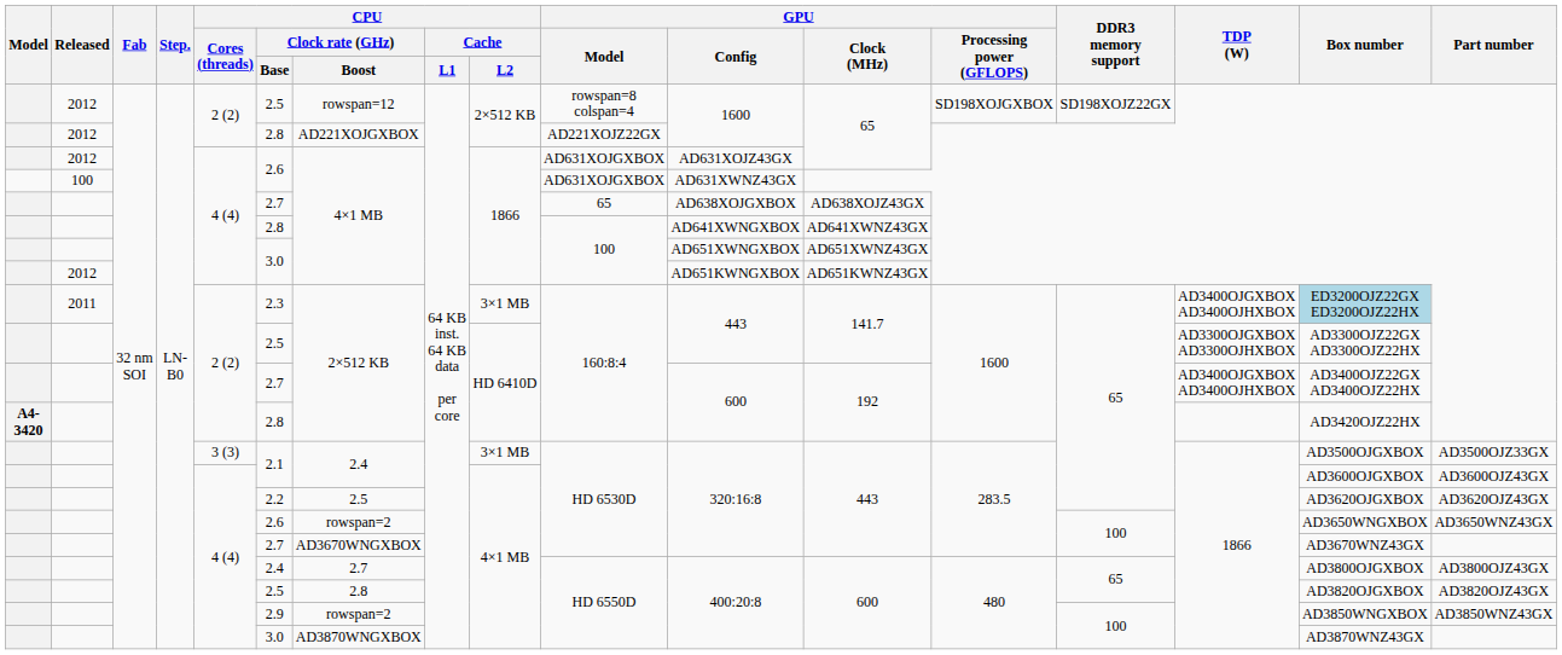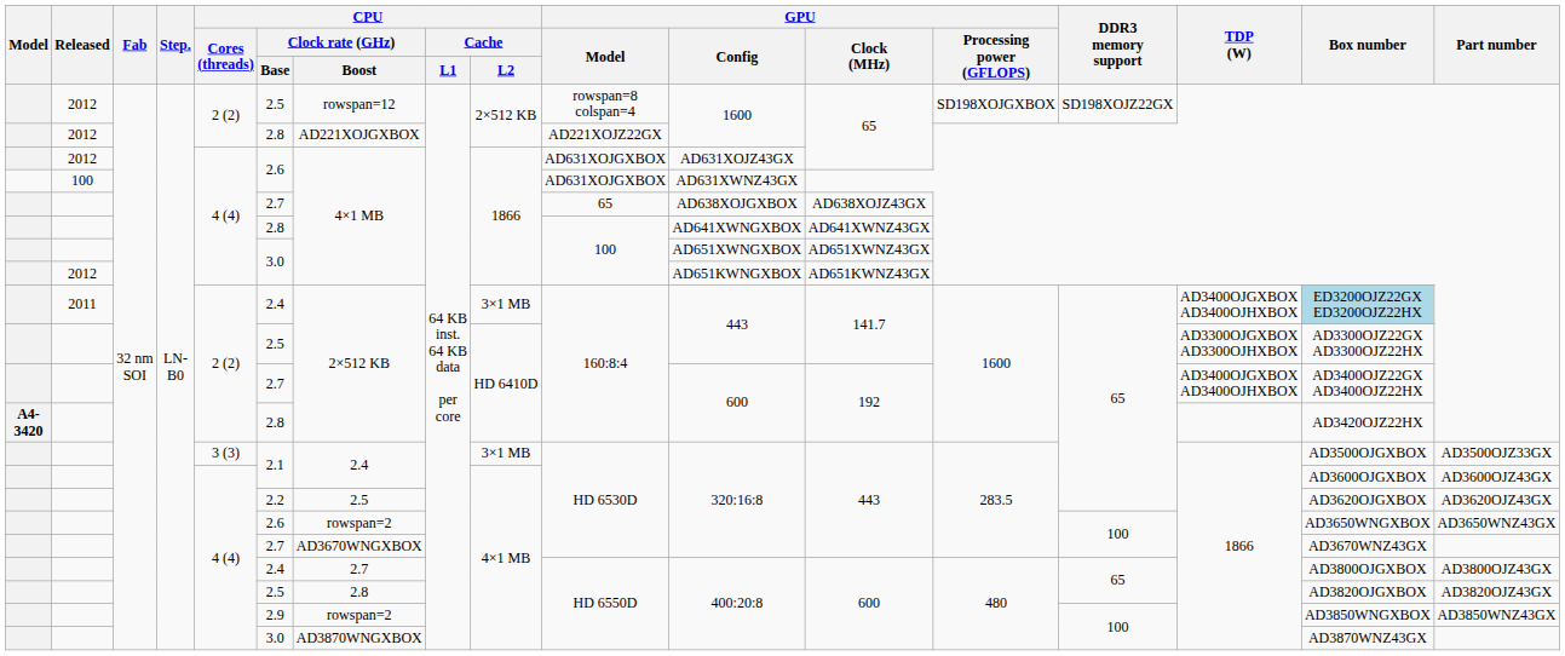 <table class="wikitable" style="text-align:center;">
 <tr>
 <th rowspan="3">Model</th>
 <th rowspan="3">Released</th>
 <th rowspan="3"><a href='#'>Fab</a></th>
 <th rowspan="3"><a href='#'>Step.</a></th>
 <th colspan="5"><a href='#'>CPU</a></th>
 <th colspan="4"><a href='#'>GPU</a></th>
 <th rowspan="3">DDR3<br>memory<br>support</th>
 <th rowspan="3"><a href='#'>TDP</a><br>(W)</th>
 <th rowspan="3">Box number</th>
 <th rowspan="3">Part number</th>
 </tr>
 <tr>
 <th rowspan="2"><a href='#'>Cores</a><br><a href='#'>(threads)</a></th>
 <th colspan="2"><a href='#'>Clock rate</a> (<a href='#'>GHz</a>)</th>
 <th colspan="2"><a href='#'>Cache</a></th>
 <th rowspan="2">Model</th>
 <th rowspan="2">Config</th>
 <th rowspan="2">Clock<br>(MHz)</th>
 <th rowspan="2">Processing<br>power<br>(<a href='#'>GFLOPS</a>)</th>
 </tr>
 <tr>
 <th>Base</th>
 <th>Boost</th>
 <th><a href='#'>L1</a></th>
 <th><a href='#'>L2</a></th>
 </tr>
 <tr>
 <th></th>
 <td>2012</td>
 <td rowspan=21>32 nm SOI</td>
 <td rowspan=21>LN-B0</td>
 <td rowspan=2>2 (2)</td>
 <td>2.5</td>
 <td>rowspan=12 </td>
 <td rowspan=21>64 KB inst.<br>64 KB data<br><br>per core</td>
 <td rowspan=2>2×512 KB</td>
 <td>rowspan=8 colspan=4 </td>
 <td rowspan=2>1600</td>
 <td rowspan=3>65</td>
 <td>SD198XOJGXBOX</td>
 <td>SD198XOJZ22GX</td>
 </tr>
 <tr>
 <th></th>
 <td>2012</td>
 <td>2.8</td>
 <td>AD221XOJGXBOX</td>
 <td>AD221XOJZ22GX</td>
 </tr>
 <tr>
 <th></th>
 <td>2012</td>
 <td rowspan=6>4 (4)</td>
 <td rowspan=2>2.6</td>
 <td rowspan=6>4×1 MB</td>
 <td rowspan=6>1866</td>
 <td>AD631XOJGXBOX</td>
 <td>AD631XOJZ43GX</td>
 </tr>
 <tr>
 <td></td>
 <td>100</td>
 <td>AD631XOJGXBOX</td>
 <td>AD631XWNZ43GX</td>
 </tr>
 <tr>
 <th></th>
 <td></td>
 <td>2.7</td>
 <td>65</td>
 <td>AD638XOJGXBOX</td>
 <td>AD638XOJZ43GX</td>
 </tr>
 <tr>
 <th></th>
 <td></td>
 <td>2.8</td>
 <td rowspan=3>100</td>
 <td>AD641XWNGXBOX</td>
 <td>AD641XWNZ43GX</td>
 </tr>
 <tr>
 <th></th>
 <td></td>
 <td rowspan=2>3.0</td>
 <td>AD651XWNGXBOX</td>
 <td>AD651XWNZ43GX</td>
 </tr>
 <tr>
 <th></th>
 <td>2012</td>
 <td>AD651KWNGXBOX</td>
 <td>AD651KWNZ43GX</td>
 </tr>
 <tr>
 <th></th>
 <td>2011</td>
 <td rowspan=4>2 (2)</td>
-<td>2.3</td>
+<td>2.4</td>
 <td rowspan=4>2×512 KB</td>
 <td>3×1 MB</td>
 <td rowspan=4>160:8:4</td>
 <td rowspan=2>443</td>
 <td rowspan=2>141.7</td>
 <td rowspan=4>1600</td>
 <td rowspan=7>65</td>
 <td>AD3400OJGXBOX<br>AD3400OJHXBOX</td>
 <td style="background: lightblue;">ED3200OJZ22GX<br>ED3200OJZ22HX</td>
 </tr>
 <tr>
 <th></th>
 <td></td>
 <td>2.5</td>
 <td rowspan=3>HD 6410D</td>
 <td>AD3300OJGXBOX<br>AD3300OJHXBOX</td>
 <td>AD3300OJZ22GX<br>AD3300OJZ22HX</td>
 </tr>
 <tr>
 <th></th>
 <td></td>
 <td>2.7</td>
 <td rowspan=2>600</td>
 <td rowspan=2>192</td>
 <td>AD3400OJGXBOX<br>AD3400OJHXBOX</td>
 <td>AD3400OJZ22GX<br>AD3400OJZ22HX</td>
 </tr>
 <tr>
 <th>A4-3420</th>
 <td></td>
 <td>2.8</td>
 <td></td>
 <td>AD3420OJZ22HX</td>
 </tr>
 <tr>
 <th></th>
 <td></td>
 <td>3 (3)</td>
 <td rowspan=2>2.1</td>
 <td rowspan=2>2.4</td>
 <td>3×1 MB</td>
 <td rowspan=5>HD 6530D</td>
 <td rowspan=5>320:16:8</td>
 <td rowspan=5>443</td>
 <td rowspan=5>283.5</td>
 <td rowspan=9>1866</td>
 <td>AD3500OJGXBOX</td>
 <td>AD3500OJZ33GX</td>
 </tr>
 <tr>
 <th></th>
 <td></td>
 <td rowspan=8>4 (4)</td>
 <td rowspan=8>4×1 MB</td>
 <td>AD3600OJGXBOX</td>
 <td>AD3600OJZ43GX</td>
 </tr>
 <tr>
 <th></th>
 <td></td>
 <td>2.2</td>
 <td>2.5</td>
 <td>AD3620OJGXBOX</td>
 <td>AD3620OJZ43GX</td>
 </tr>
 <tr>
 <th></th>
 <td></td>
 <td>2.6</td>
 <td>rowspan=2 </td>
 <td rowspan=2>100</td>
 <td>AD3650WNGXBOX</td>
 <td>AD3650WNZ43GX</td>
 </tr>
 <tr>
 <th></th>
 <td></td>
 <td>2.7</td>
 <td>AD3670WNGXBOX</td>
 <td>AD3670WNZ43GX</td>
 </tr>
 <tr>
 <th></th>
 <td></td>
 <td>2.4</td>
 <td>2.7</td>
 <td rowspan=4>HD 6550D</td>
 <td rowspan=4>400:20:8</td>
 <td rowspan=4>600</td>
 <td rowspan=4>480</td>
 <td rowspan=2>65</td>
 <td>AD3800OJGXBOX</td>
 <td>AD3800OJZ43GX</td>
 </tr>
 <tr>
 <th></th>
 <td></td>
 <td>2.5</td>
 <td>2.8</td>
 <td>AD3820OJGXBOX</td>
 <td>AD3820OJZ43GX</td>
 </tr>
 <tr>
 <th></th>
 <td></td>
 <td>2.9</td>
 <td>rowspan=2 </td>
 <td rowspan=2>100</td>
 <td>AD3850WNGXBOX</td>
 <td>AD3850WNZ43GX</td>
 </tr>
 <tr>
 <th></th>
 <td></td>
 <td>3.0</td>
 <td>AD3870WNGXBOX</td>
 <td>AD3870WNZ43GX</td>
 </tr>
 </table>
